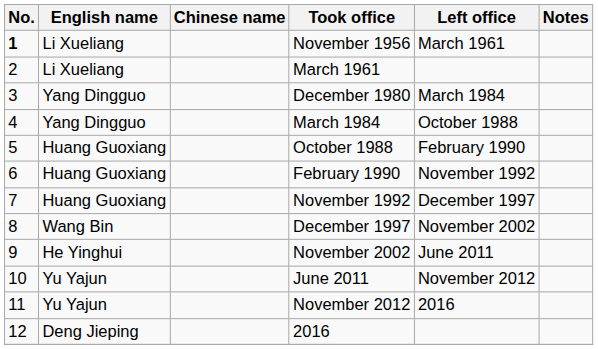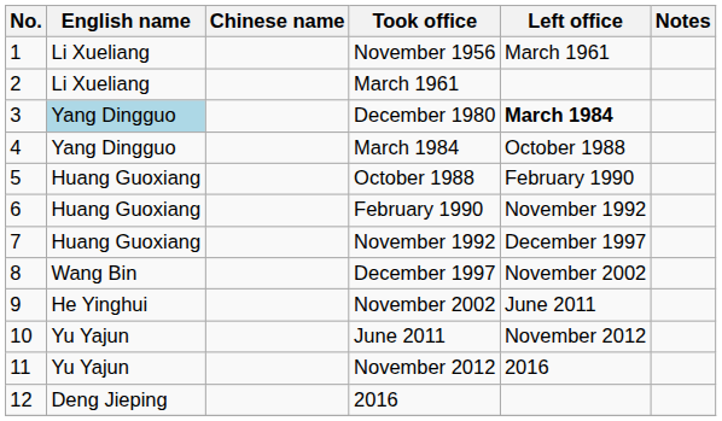 <table class="wikitable">
 <tr>
 <th>No.</th>
 <th>English name</th>
 <th>Chinese name</th>
 <th>Took office</th>
 <th>Left office</th>
 <th>Notes</th>
 </tr>
 <tr>
-<td><strong>1</strong></td>
+<td>1</td>
 <td>Li Xueliang</td>
 <td></td>
 <td>November 1956</td>
 <td>March 1961</td>
 <td></td>
 </tr>
 <tr>
 <td>2</td>
 <td>Li Xueliang</td>
 <td></td>
 <td>March 1961</td>
 <td></td>
 </tr>
 <tr>
 <td>3</td>
-<td>Yang Dingguo</td>
+<td style="background: lightblue;">Yang Dingguo</td>
 <td></td>
 <td>December 1980</td>
-<td>March 1984</td>
+<td><strong>March 1984</strong></td>
 <td></td>
 </tr>
 <tr>
 <td>4</td>
 <td>Yang Dingguo</td>
 <td></td>
 <td>March 1984</td>
 <td>October 1988</td>
 <td></td>
 </tr>
 <tr>
 <td>5</td>
 <td>Huang Guoxiang</td>
 <td></td>
 <td>October 1988</td>
 <td>February 1990</td>
 <td></td>
 </tr>
 <tr>
 <td>6</td>
 <td>Huang Guoxiang</td>
 <td></td>
 <td>February 1990</td>
 <td>November 1992</td>
 <td></td>
 </tr>
 <tr>
 <td>7</td>
 <td>Huang Guoxiang</td>
 <td></td>
 <td>November 1992</td>
 <td>December 1997</td>
 <td></td>
 </tr>
 <tr>
 <td>8</td>
 <td>Wang Bin</td>
 <td></td>
 <td>December 1997</td>
 <td>November 2002</td>
 <td></td>
 </tr>
 <tr>
 <td>9</td>
 <td>He Yinghui</td>
 <td></td>
 <td>November 2002</td>
 <td>June 2011</td>
 <td></td>
 </tr>
 <tr>
 <td>10</td>
 <td>Yu Yajun</td>
 <td></td>
 <td>June 2011</td>
 <td>November 2012</td>
 <td></td>
 </tr>
 <tr>
 <td>11</td>
 <td>Yu Yajun</td>
 <td></td>
 <td>November 2012</td>
 <td>2016</td>
 <td></td>
 </tr>
 <tr>
 <td>12</td>
 <td>Deng Jieping</td>
 <td></td>
 <td>2016</td>
 <td></td>
 <td></td>
 </tr>
 <tr>
 </tr>
 </table>
